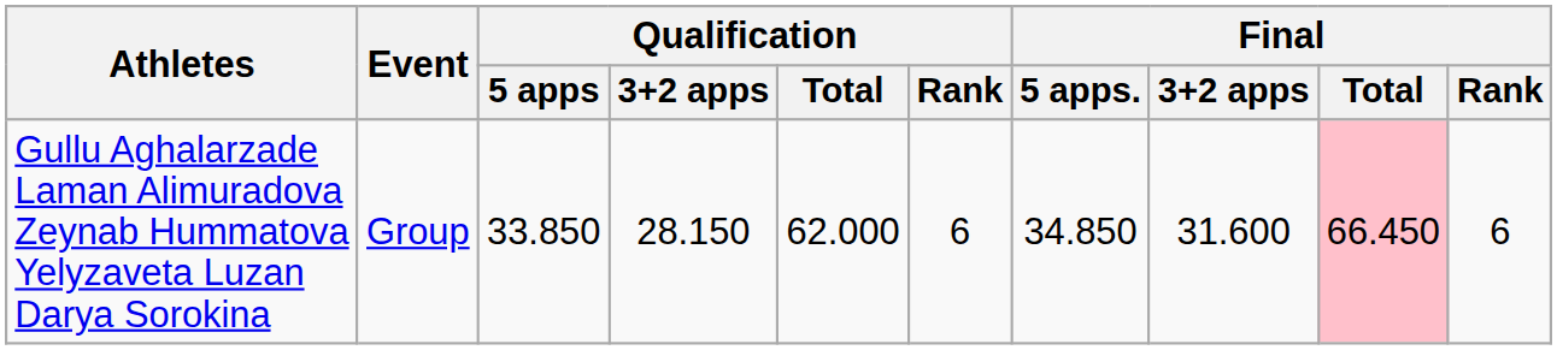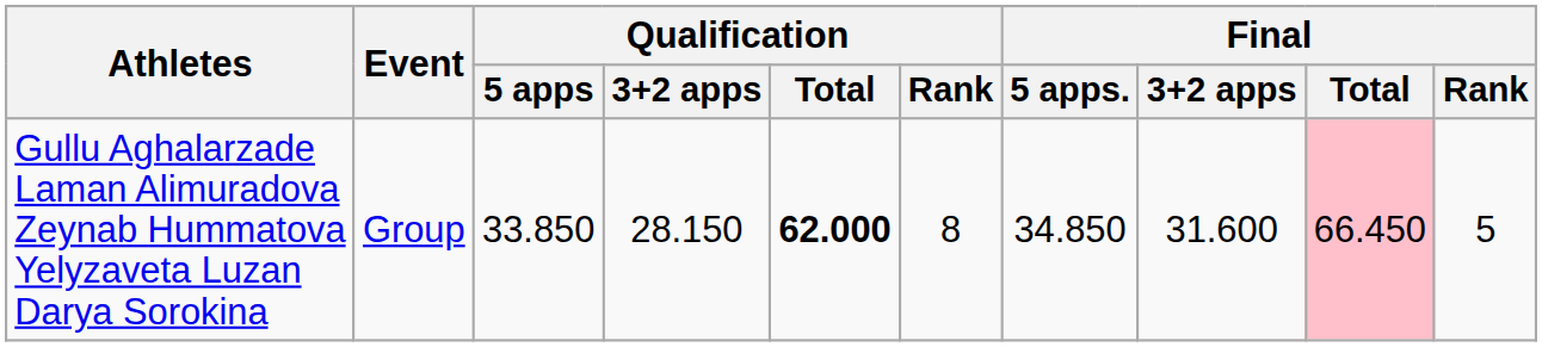 <table class="wikitable" style="font-size:90%">
 <tr>
 <th rowspan="2">Athletes</th>
 <th rowspan="2">Event</th>
 <th colspan="4">Qualification</th>
 <th colspan="4">Final</th>
 </tr>
 <tr style="font-size:95%">
 <th>5 apps</th>
 <th>3+2 apps</th>
 <th>Total</th>
 <th>Rank</th>
 <th>5 apps.</th>
 <th>3+2 apps</th>
 <th>Total</th>
 <th>Rank</th>
 </tr>
 <tr align=center>
 <td align=left><a href='#'>Gullu Aghalarzade</a><br><a href='#'>Laman Alimuradova</a><br><a href='#'>Zeynab Hummatova</a><br><a href='#'>Yelyzaveta Luzan</a><br><a href='#'>Darya Sorokina</a></td>
 <td align=left><a href='#'>Group</a></td>
 <td>33.850</td>
 <td>28.150</td>
-<td>62.000</td>
-<td>6 </td>
+<td><strong>62.000</strong></td>
+<td>8 </td>
 <td>34.850</td>
 <td>31.600</td>
 <td style="background: pink;">66.450</td>
-<td>6</td>
+<td>5</td>
 </tr>
 </table>
